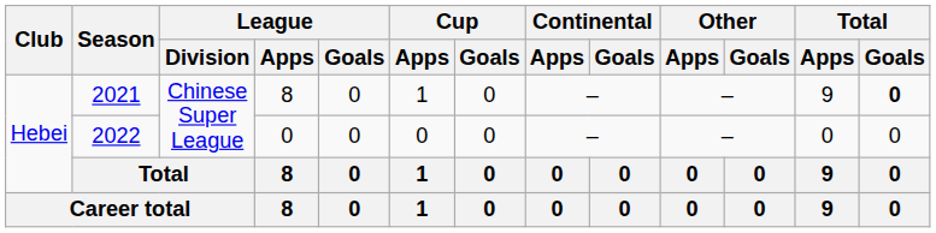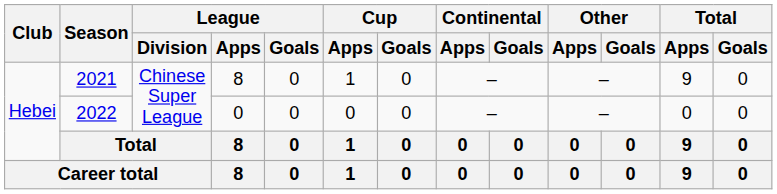 <table class="wikitable" style="text-align: center">
 <tr>
 <th rowspan="2">Club</th>
 <th rowspan="2">Season</th>
 <th colspan="3">League</th>
 <th colspan="2">Cup</th>
 <th colspan="2">Continental</th>
 <th colspan="2">Other</th>
 <th colspan="2">Total</th>
 </tr>
 <tr>
 <th>Division</th>
 <th>Apps</th>
 <th>Goals</th>
 <th>Apps</th>
 <th>Goals</th>
 <th>Apps</th>
 <th>Goals</th>
 <th>Apps</th>
 <th>Goals</th>
 <th>Apps</th>
 <th>Goals</th>
 </tr>
 <tr>
 <td rowspan=3><a href='#'>Hebei</a></td>
 <td><a href='#'>2021</a></td>
 <td rowspan=2><a href='#'>Chinese Super League</a></td>
 <td>8</td>
 <td>0</td>
 <td>1</td>
 <td>0</td>
 <td colspan="2">–</td>
 <td colspan="2">–</td>
 <td>9</td>
-<td><strong>0</strong></td>
+<td>0</td>
 </tr>
 <tr>
 <td><a href='#'>2022</a></td>
 <td>0</td>
 <td>0</td>
 <td>0</td>
 <td>0</td>
 <td colspan="2">–</td>
 <td colspan="2">–</td>
 <td>0</td>
 <td>0</td>
 </tr>
 <tr>
 <th colspan=2>Total</th>
 <th>8</th>
 <th>0</th>
 <th>1</th>
 <th>0</th>
 <th>0</th>
 <th>0</th>
 <th>0</th>
 <th>0</th>
 <th>9</th>
 <th>0</th>
 </tr>
 <tr>
 <th colspan=3>Career total</th>
 <th>8</th>
 <th>0</th>
 <th>1</th>
 <th>0</th>
 <th>0</th>
 <th>0</th>
 <th>0</th>
 <th>0</th>
 <th>9</th>
 <th>0</th>
 </tr>
 </table>
